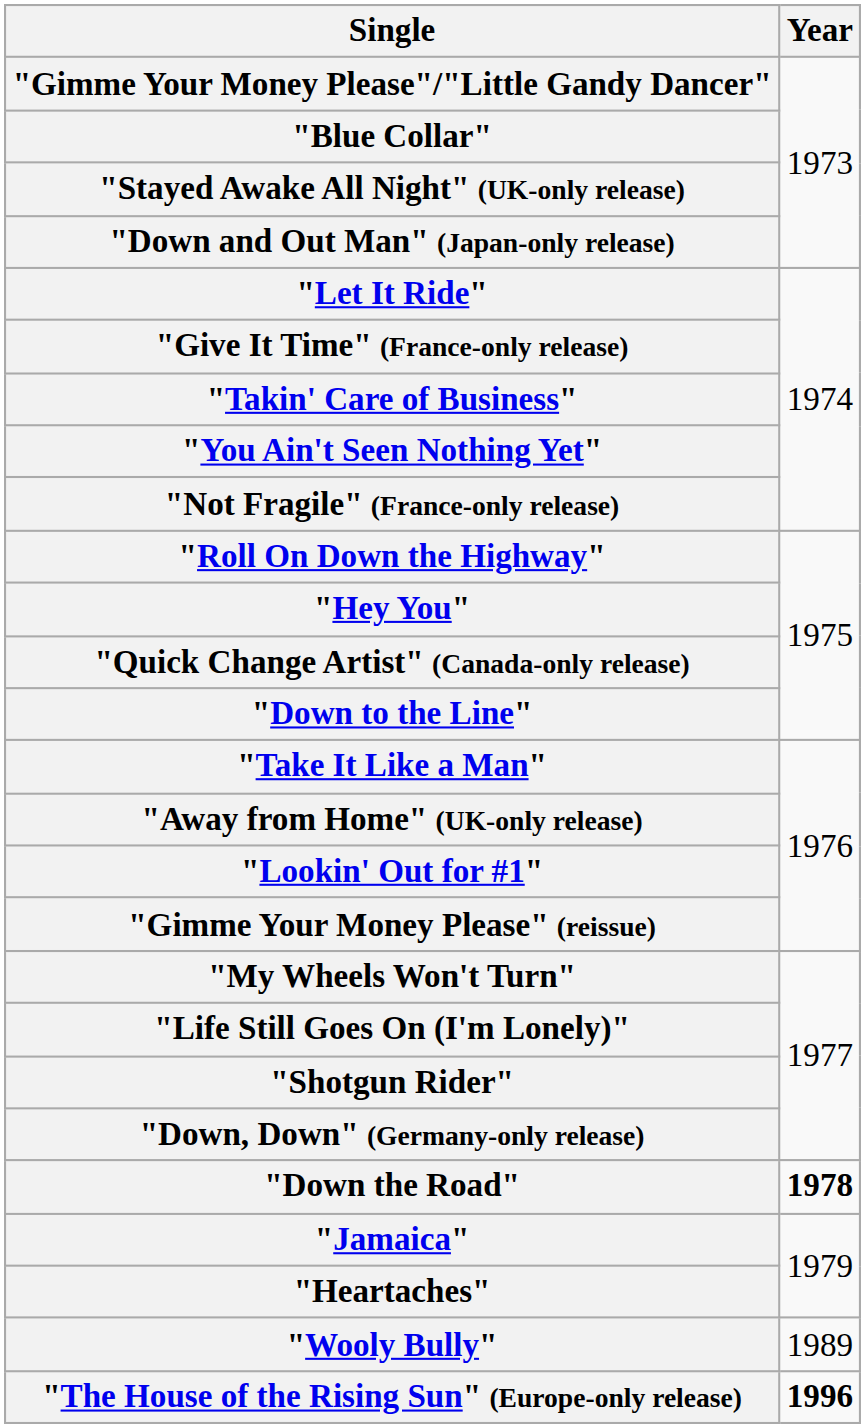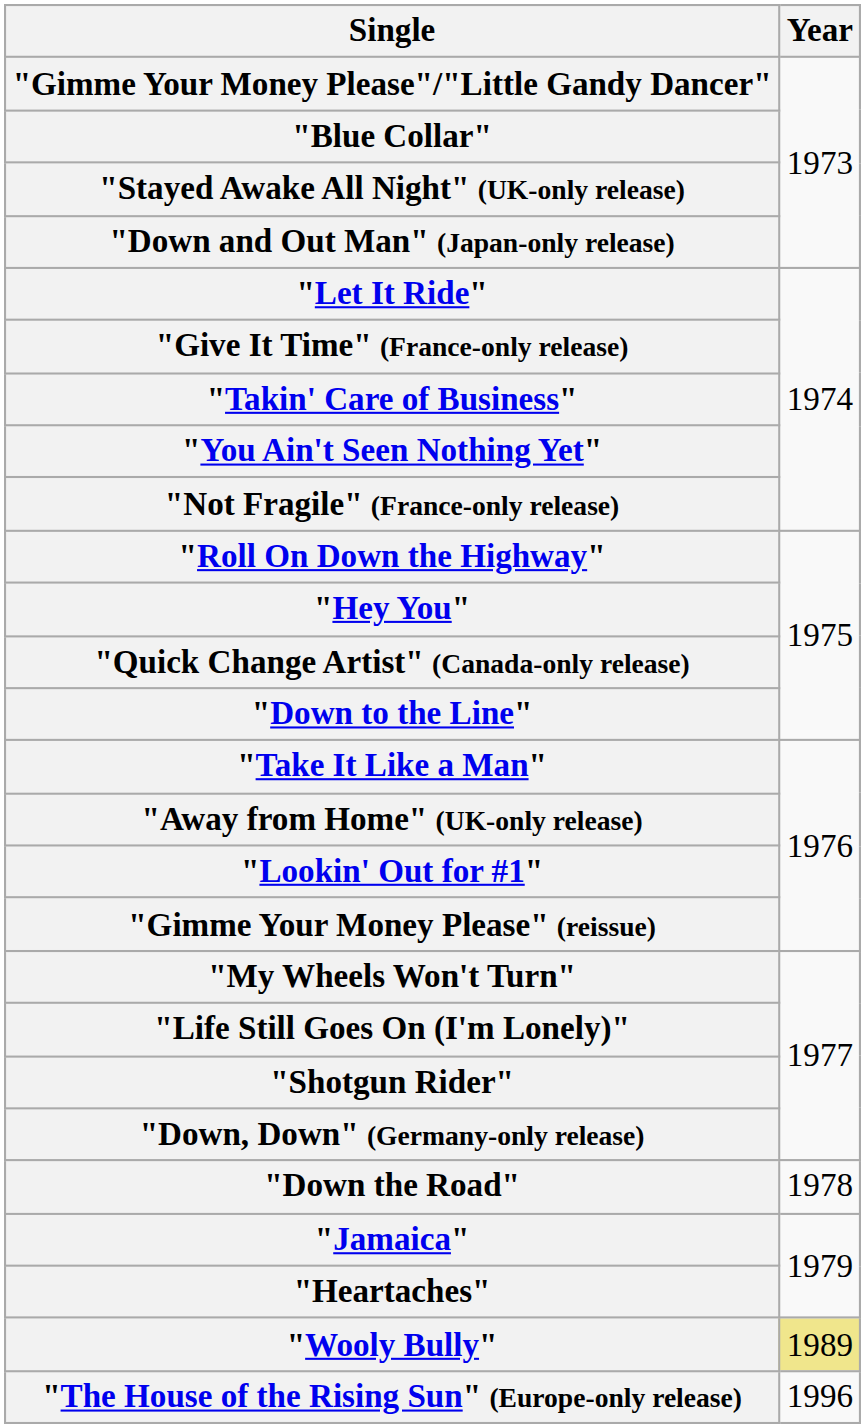 <table class="wikitable">
 <tr>
 <th>Single</th>
 <th>Year</th>
 </tr>
 <tr>
 <th>"Gimme Your Money Please"/"Little Gandy Dancer"</th>
 <td rowspan="4">1973</td>
 </tr>
 <tr>
 <th>"Blue Collar"</th>
 </tr>
 <tr>
 <th>"Stayed Awake All Night" <small>(UK-only release)</small></th>
 </tr>
 <tr>
 <th>"Down and Out Man" <small>(Japan-only release)</small></th>
 </tr>
 <tr>
 <th>"<a href='#'>Let It Ride</a>"</th>
 <td rowspan="5">1974</td>
 </tr>
 <tr>
 <th>"Give It Time" <small>(France-only release)</small></th>
 </tr>
 <tr>
 <th>"<a href='#'>Takin' Care of Business</a>"</th>
 </tr>
 <tr>
 <th>"<a href='#'>You Ain't Seen Nothing Yet</a>"</th>
 </tr>
 <tr>
 <th>"Not Fragile" <small>(France-only release)</small></th>
 </tr>
 <tr>
 <th>"<a href='#'>Roll On Down the Highway</a>"</th>
 <td rowspan="4">1975</td>
 </tr>
 <tr>
 <th>"<a href='#'>Hey You</a>"</th>
 </tr>
 <tr>
 <th>"Quick Change Artist" <small>(Canada-only release)</small></th>
 </tr>
 <tr>
 <th>"<a href='#'>Down to the Line</a>"</th>
 </tr>
 <tr>
 <th>"<a href='#'>Take It Like a Man</a>"</th>
 <td rowspan="4">1976</td>
 </tr>
 <tr>
 <th>"Away from Home" <small>(UK-only release)</small></th>
 </tr>
 <tr>
 <th>"<a href='#'>Lookin' Out for #1</a>"</th>
 </tr>
 <tr>
 <th>"Gimme Your Money Please" <small>(reissue)</small></th>
 </tr>
 <tr>
 <th>"My Wheels Won't Turn"</th>
 <td rowspan="4">1977</td>
 </tr>
 <tr>
 <th>"Life Still Goes On (I'm Lonely)"</th>
 </tr>
 <tr>
 <th>"Shotgun Rider"</th>
 </tr>
 <tr>
 <th>"Down, Down" <small>(Germany-only release)</small></th>
 </tr>
 <tr>
 <th>"Down the Road"</th>
-<td><strong>1978</strong></td>
+<td>1978</td>
 </tr>
 <tr>
 <th>"<a href='#'>Jamaica</a>"</th>
 <td rowspan="2">1979</td>
 </tr>
 <tr>
 <th>"Heartaches"</th>
 </tr>
 <tr>
 <th>"<a href='#'>Wooly Bully</a>"</th>
-<td rowspan="1">1989</td>
+<td rowspan="1" style="background: khaki;">1989</td>
 </tr>
 <tr>
 <th>"<a href='#'>The House of the Rising Sun</a>" <small>(Europe-only release)</small></th>
-<td><strong>1996</strong></td>
+<td>1996</td>
 </tr>
 </table>
